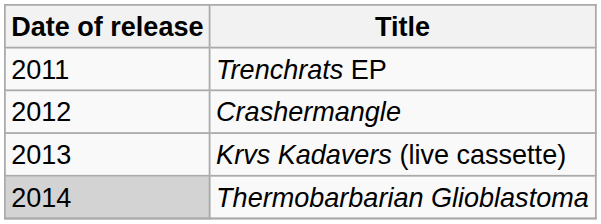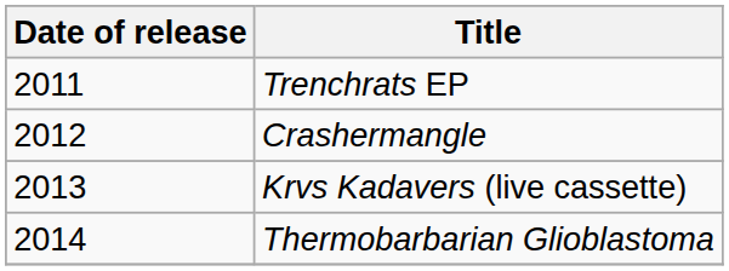 <table class="wikitable" style="font-size: 95%;">
 <tr>
 <th>Date of release</th>
 <th>Title</th>
 </tr>
 <tr>
 <td>2011</td>
 <td><em>Trenchrats</em> EP</td>
 </tr>
 <tr>
 <td>2012</td>
 <td><em>Crashermangle</em></td>
 </tr>
 <tr>
 <td>2013</td>
 <td><em>Krvs Kadavers</em> (live cassette)</td>
 </tr>
 <tr>
-<td style="background: lightgrey;">2014</td>
+<td>2014</td>
 <td><em>Thermobarbarian Glioblastoma</em></td>
 </tr>
 <tr>
 </tr>
 </table>
